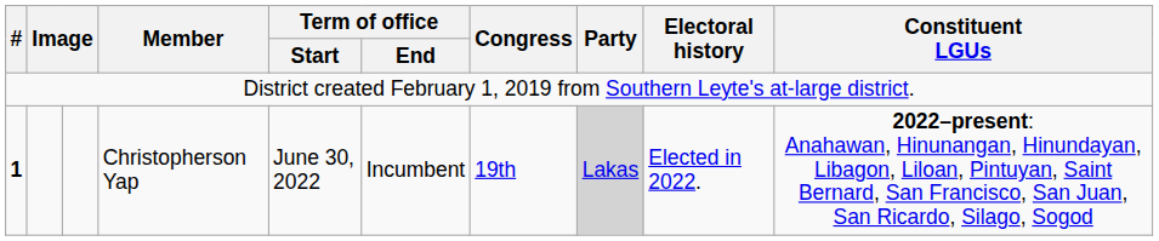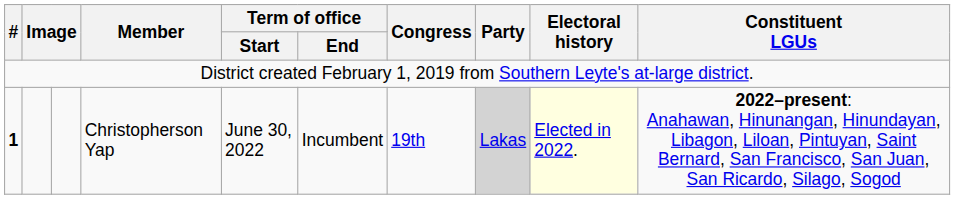 <table class="wikitable">
 <tr>
 <th rowspan="2">#</th>
 <th colspan="2" rowspan="2">Image</th>
 <th rowspan="2">Member</th>
 <th colspan="2">Term of office</th>
 <th rowspan="2">Congress</th>
 <th rowspan="2">Party</th>
 <th rowspan="2">Electoral history</th>
 <th rowspan="2" width="33%">Constituent<br><a href='#'>LGUs</a></th>
 </tr>
 <tr>
 <th>Start</th>
 <th>End</th>
 </tr>
 <tr>
 <td colspan="10" style="text-align:center;">District created February 1, 2019 from <a href='#'>Southern Leyte's at-large district</a>.</td>
 </tr>
 <tr>
 <td><strong>1</strong></td>
 <td style="color:inherit;background:"></td>
 <td></td>
 <td>Christopherson Yap</td>
 <td>June 30, 2022</td>
 <td>Incumbent</td>
 <td><a href='#'>19th</a></td>
 <td style="background: lightgrey;"><a href='#'>Lakas</a></td>
-<td><a href='#'>Elected in 2022</a>.</td>
+<td style="background: lightyellow;"><a href='#'>Elected in 2022</a>.</td>
 <td align="center"><strong>2022–present</strong>:<br><a href='#'>Anahawan</a>, <a href='#'>Hinunangan</a>,  <a href='#'>Hinundayan</a>,  <a href='#'>Libagon</a>, <a href='#'>Liloan</a>, <a href='#'>Pintuyan</a>, <a href='#'>Saint Bernard</a>,   <a href='#'>San Francisco</a>, <a href='#'>San Juan</a>,  <a href='#'>San Ricardo</a>, <a href='#'>Silago</a>, <a href='#'>Sogod</a></td>
 </tr>
 </table>
